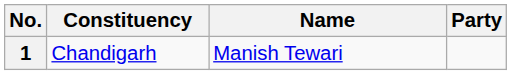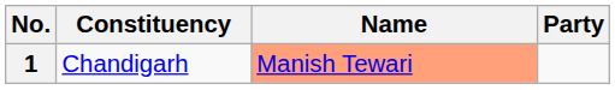 <table class="sortable wikitable">
 <tr>
 <th>No.</th>
 <th style="width:120px">Constituency</th>
 <th style="width:180px">Name</th>
 <th colspan=2>Party</th>
 </tr>
 <tr>
 <th>1</th>
 <td><a href='#'>Chandigarh</a></td>
-<td><a href='#'>Manish Tewari</a></td>
+<td style="background: lightsalmon;"><a href='#'>Manish Tewari</a></td>
 <td></td>
 </tr>
 </table>
